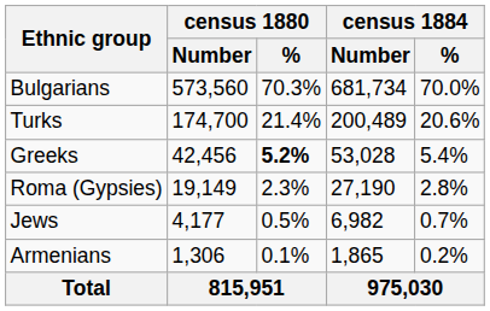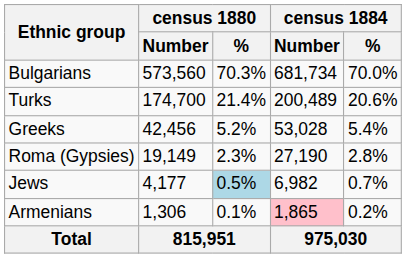 <table class="wikitable">
 <tr>
 <th rowspan="2">Ethnic group</th>
 <th colspan="2">census 1880</th>
 <th colspan="2">census 1884</th>
 </tr>
 <tr>
 <th>Number</th>
 <th>%</th>
 <th>Number</th>
 <th>%</th>
 </tr>
 <tr>
 <td>Bulgarians</td>
 <td>573,560</td>
 <td>70.3%</td>
 <td>681,734</td>
 <td>70.0%</td>
 </tr>
 <tr>
 <td>Turks</td>
 <td>174,700</td>
 <td>21.4%</td>
 <td>200,489</td>
 <td>20.6%</td>
 </tr>
 <tr>
 <td>Greeks</td>
 <td>42,456</td>
-<td><strong>5.2%</strong></td>
+<td>5.2%</td>
 <td>53,028</td>
 <td>5.4%</td>
 </tr>
 <tr>
 <td>Roma (Gypsies)</td>
 <td>19,149</td>
 <td>2.3%</td>
 <td>27,190</td>
 <td>2.8%</td>
 </tr>
 <tr>
 <td>Jews</td>
 <td>4,177</td>
-<td>0.5%</td>
+<td style="background: lightblue;">0.5%</td>
 <td>6,982</td>
 <td>0.7%</td>
 </tr>
 <tr>
 <td>Armenians</td>
 <td>1,306</td>
 <td>0.1%</td>
-<td>1,865</td>
+<td style="background: pink;">1,865</td>
 <td>0.2%</td>
 </tr>
 <tr>
 <th>Total</th>
 <th colspan="2">815,951</th>
 <th colspan="2">975,030</th>
 </tr>
 </table>
